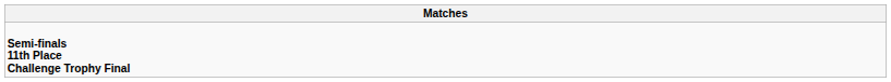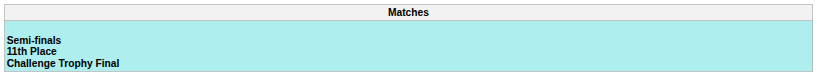 <table class="wikitable collapsible collapsed" style="width:100%;">
 <tr>
 <th>Matches</th>
 </tr>
 <tr>
-<td><br><strong>Semi-finals</strong>  <br><strong>11th Place</strong> <br><strong>Challenge Trophy Final</strong> </td>
+<td style="background: paleturquoise;"><br><strong>Semi-finals</strong>  <br><strong>11th Place</strong> <br><strong>Challenge Trophy Final</strong> </td>
 </tr>
 </table>
